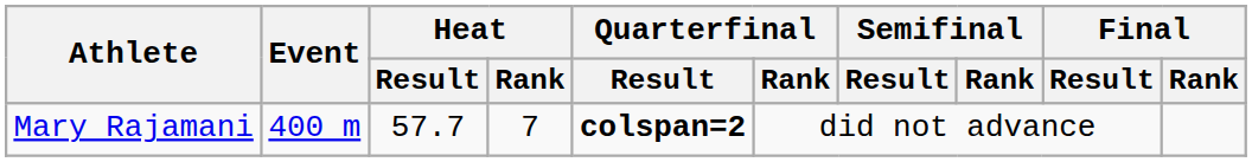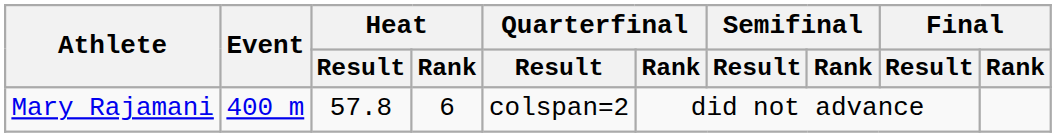 <table class="wikitable" style="font-size:90%">
 <tr>
 <th rowspan="2">Athlete</th>
 <th rowspan="2">Event</th>
 <th colspan="2">Heat</th>
 <th colspan="2">Quarterfinal</th>
 <th colspan="2">Semifinal</th>
 <th colspan="2">Final</th>
 </tr>
 <tr style="font-size:95%">
 <th>Result</th>
 <th>Rank</th>
 <th>Result</th>
 <th>Rank</th>
 <th>Result</th>
 <th>Rank</th>
 <th>Result</th>
 <th>Rank</th>
 </tr>
 <tr align=center>
 <td align=left><a href='#'>Mary Rajamani</a></td>
 <td align=left rowspan=3><a href='#'>400 m</a></td>
-<td>57.7</td>
-<td>7</td>
-<td><strong>colspan=2 </strong></td>
+<td>57.8</td>
+<td>6</td>
+<td>colspan=2 </td>
 <td colspan=4>did not advance</td>
 </tr>
 </table>
